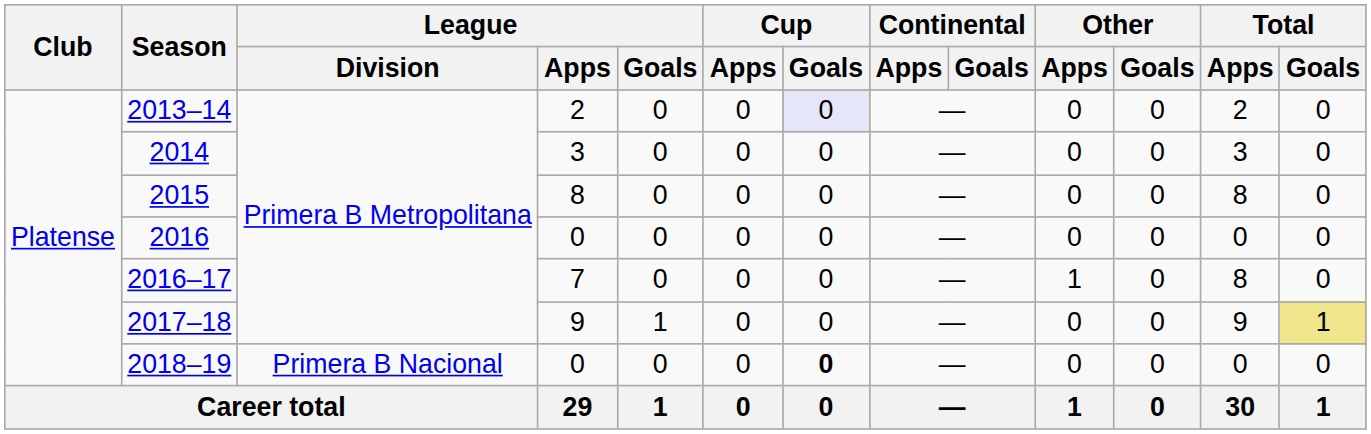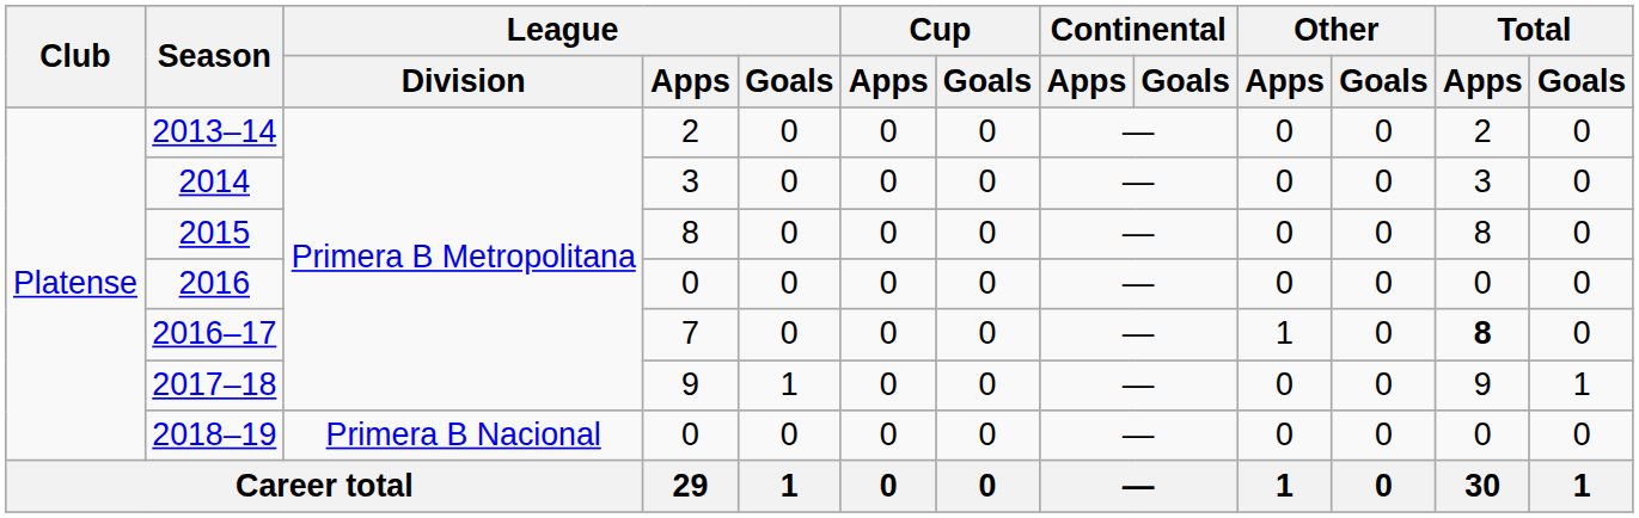 <table class="wikitable" style="text-align:center">
 <tr>
 <th rowspan="2">Club</th>
 <th rowspan="2">Season</th>
 <th colspan="3">League</th>
 <th colspan="2">Cup</th>
 <th colspan="2">Continental</th>
 <th colspan="2">Other</th>
 <th colspan="2">Total</th>
 </tr>
 <tr>
 <th>Division</th>
 <th>Apps</th>
 <th>Goals</th>
 <th>Apps</th>
 <th>Goals</th>
 <th>Apps</th>
 <th>Goals</th>
 <th>Apps</th>
 <th>Goals</th>
 <th>Apps</th>
 <th>Goals</th>
 </tr>
 <tr>
 <td rowspan="7"><a href='#'>Platense</a></td>
 <td><a href='#'>2013–14</a></td>
 <td rowspan="6"><a href='#'>Primera B Metropolitana</a></td>
 <td>2</td>
 <td>0</td>
 <td>0</td>
-<td style="background: lavender;">0</td>
+<td>0</td>
 <td colspan="2">—</td>
 <td>0</td>
 <td>0</td>
 <td>2</td>
 <td>0</td>
 </tr>
 <tr>
 <td><a href='#'>2014</a></td>
 <td>3</td>
 <td>0</td>
 <td>0</td>
 <td>0</td>
 <td colspan="2">—</td>
 <td>0</td>
 <td>0</td>
 <td>3</td>
 <td>0</td>
 </tr>
 <tr>
 <td><a href='#'>2015</a></td>
 <td>8</td>
 <td>0</td>
 <td>0</td>
 <td>0</td>
 <td colspan="2">—</td>
 <td>0</td>
 <td>0</td>
 <td>8</td>
 <td>0</td>
 </tr>
 <tr>
 <td><a href='#'>2016</a></td>
 <td>0</td>
 <td>0</td>
 <td>0</td>
 <td>0</td>
 <td colspan="2">—</td>
 <td>0</td>
 <td>0</td>
 <td>0</td>
 <td>0</td>
 </tr>
 <tr>
 <td><a href='#'>2016–17</a></td>
 <td>7</td>
 <td>0</td>
 <td>0</td>
 <td>0</td>
 <td colspan="2">—</td>
 <td>1</td>
 <td>0</td>
-<td>8</td>
+<td><strong>8</strong></td>
 <td>0</td>
 </tr>
 <tr>
 <td><a href='#'>2017–18</a></td>
 <td>9</td>
 <td>1</td>
 <td>0</td>
 <td>0</td>
 <td colspan="2">—</td>
 <td>0</td>
 <td>0</td>
 <td>9</td>
-<td style="background: khaki;">1</td>
+<td>1</td>
 </tr>
 <tr>
 <td><a href='#'>2018–19</a></td>
 <td rowspan="1"><a href='#'>Primera B Nacional</a></td>
 <td>0</td>
 <td>0</td>
 <td>0</td>
-<td><strong>0</strong></td>
+<td>0</td>
 <td colspan="2">—</td>
 <td>0</td>
 <td>0</td>
 <td>0</td>
 <td>0</td>
 </tr>
 <tr>
 <th colspan="3">Career total</th>
 <th>29</th>
 <th>1</th>
 <th>0</th>
 <th>0</th>
 <th colspan="2">—</th>
 <th>1</th>
 <th>0</th>
 <th>30</th>
 <th>1</th>
 </tr>
 </table>
